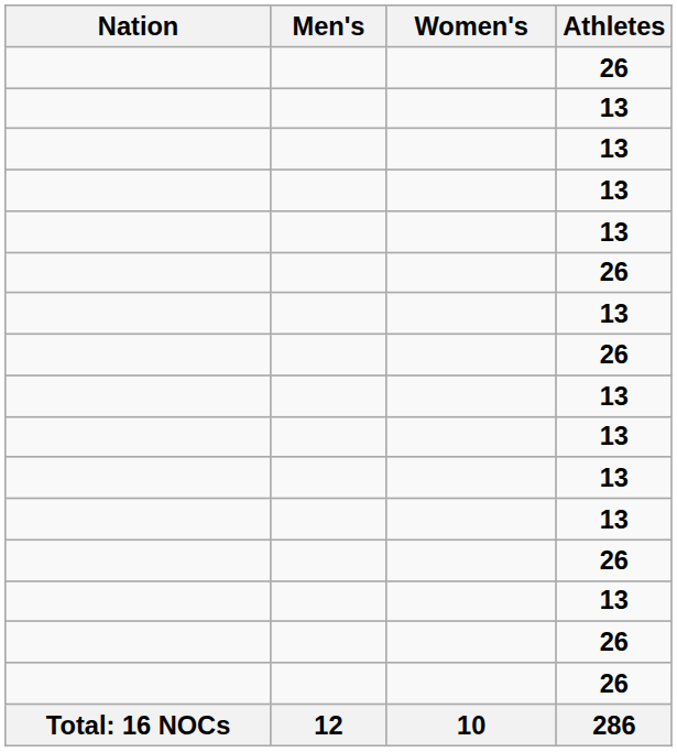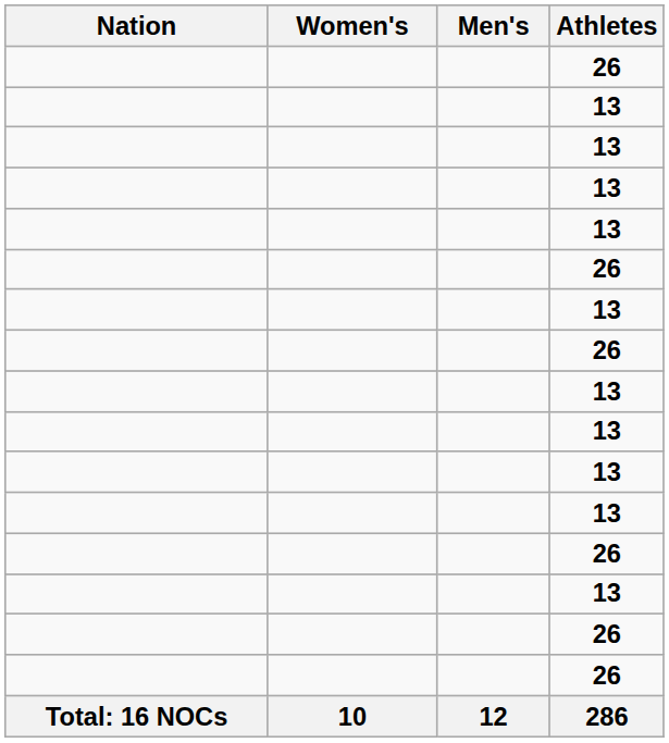 <table class="wikitable sortable" width=370 style="text-align:center; font-size:90%">
 <tr>
 <th>Nation</th>
+<th>Women's</th>
 <th>Men's</th>
-<th>Women's</th>
 <th width=55>Athletes</th>
 </tr>
 <tr>
 <td style="text-align:left;"></td>
 <td></td>
 <td></td>
 <td><strong>26</strong></td>
 </tr>
 <tr>
 <td style="text-align:left;"></td>
 <td></td>
 <td></td>
 <td><strong>13</strong></td>
 </tr>
 <tr>
 <td style="text-align:left;"></td>
 <td></td>
 <td></td>
 <td><strong>13</strong></td>
 </tr>
 <tr>
 <td style="text-align:left;"></td>
 <td></td>
 <td></td>
 <td><strong>13</strong></td>
 </tr>
 <tr>
 <td style="text-align:left;"></td>
 <td></td>
 <td></td>
 <td><strong>13</strong></td>
 </tr>
 <tr>
 <td style="text-align:left;"></td>
 <td></td>
 <td></td>
 <td><strong>26</strong></td>
 </tr>
 <tr>
 <td style="text-align:left;"></td>
 <td></td>
 <td></td>
 <td><strong>13</strong></td>
 </tr>
 <tr>
 <td style="text-align:left;"></td>
 <td></td>
 <td></td>
 <td><strong>26</strong></td>
 </tr>
 <tr>
 <td style="text-align:left;"></td>
 <td></td>
 <td></td>
 <td><strong>13</strong></td>
 </tr>
 <tr>
 <td style="text-align:left;"></td>
 <td></td>
 <td></td>
 <td><strong>13</strong></td>
 </tr>
 <tr>
 <td style="text-align:left;"></td>
 <td></td>
 <td></td>
 <td><strong>13</strong></td>
 </tr>
 <tr>
 <td style="text-align:left;"></td>
 <td></td>
 <td></td>
 <td><strong>13</strong></td>
 </tr>
 <tr>
 <td style="text-align:left;"></td>
 <td></td>
 <td></td>
 <td><strong>26</strong></td>
 </tr>
 <tr>
 <td style="text-align:left;"></td>
 <td></td>
 <td></td>
 <td><strong>13</strong></td>
 </tr>
 <tr>
 <td style="text-align:left;"></td>
 <td></td>
 <td></td>
 <td><strong>26</strong></td>
 </tr>
 <tr>
 <td style="text-align:left;"></td>
 <td></td>
 <td></td>
 <td><strong>26</strong></td>
 </tr>
 <tr>
 <th>Total: 16 NOCs</th>
+<th>10</th>
 <th>12</th>
-<th>10</th>
 <th>286</th>
 </tr>
 </table>
